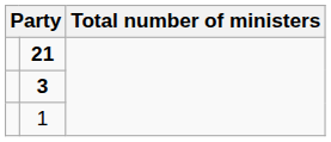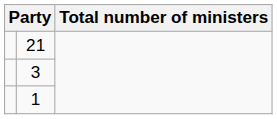 <table class="wikitable sortable">
 <tr>
 <th colspan="2">Party</th>
 <th>Total number of ministers</th>
 </tr>
 <tr>
 <td></td>
-<td style="text-align: center;"><strong>21</strong></td>
+<td style="text-align: center;">21</td>
 </tr>
 <tr>
 <td></td>
-<td style="text-align: center;"><strong>3</strong></td>
+<td style="text-align: center;">3</td>
 </tr>
 <tr>
 <td></td>
 <td style="text-align: center;">1</td>
 </tr>
 </table>
